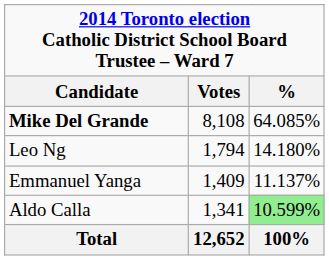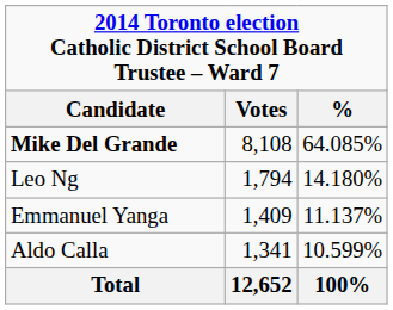 <table class="wikitable" style="margin-bottom:0;">
 <tr>
 <td colspan="3" align="center"><strong><a href='#'>2014 Toronto election</a><br>Catholic District School Board<br>Trustee – Ward 7</strong></td>
 </tr>
 <tr>
 <th bgcolor="#DDDDFF" width="150px">Candidate</th>
 <th bgcolor="#DDDDFF">Votes</th>
 <th bgcolor="#DDDDFF">%</th>
 </tr>
 <tr>
 <td><strong>Mike Del Grande</strong></td>
 <td align=right>8,108</td>
 <td align=right>64.085%</td>
 </tr>
 <tr>
 <td>Leo Ng</td>
 <td align=right>1,794</td>
 <td align=right>14.180%</td>
 </tr>
 <tr>
 <td>Emmanuel Yanga</td>
 <td align=right>1,409</td>
 <td align=right>11.137%</td>
 </tr>
 <tr>
 <td>Aldo Calla</td>
 <td align=right>1,341</td>
-<td align=right style="background: lightgreen;">10.599%</td>
+<td align=right>10.599%</td>
 </tr>
 <tr>
 <th>Total</th>
 <th align=right>12,652</th>
 <th align=right>100%</th>
 </tr>
 </table>
